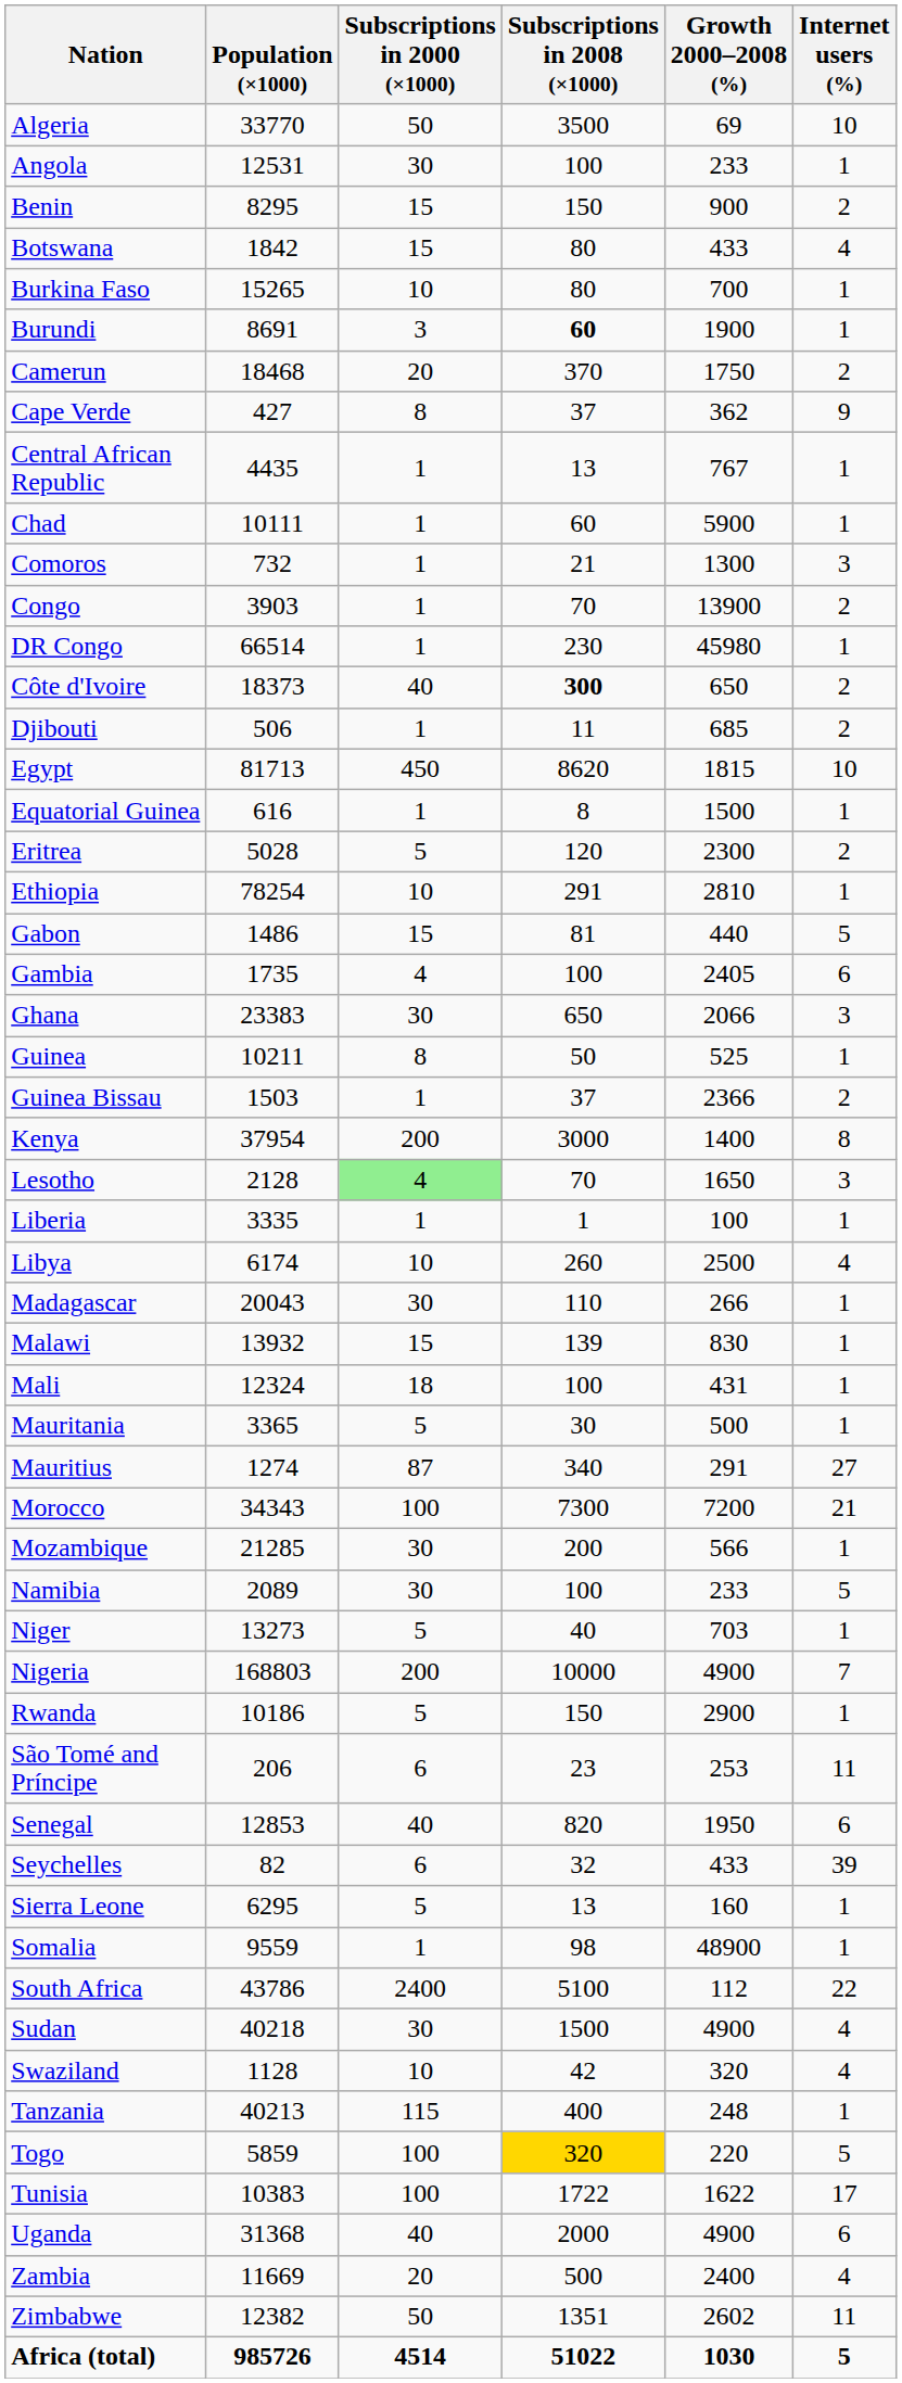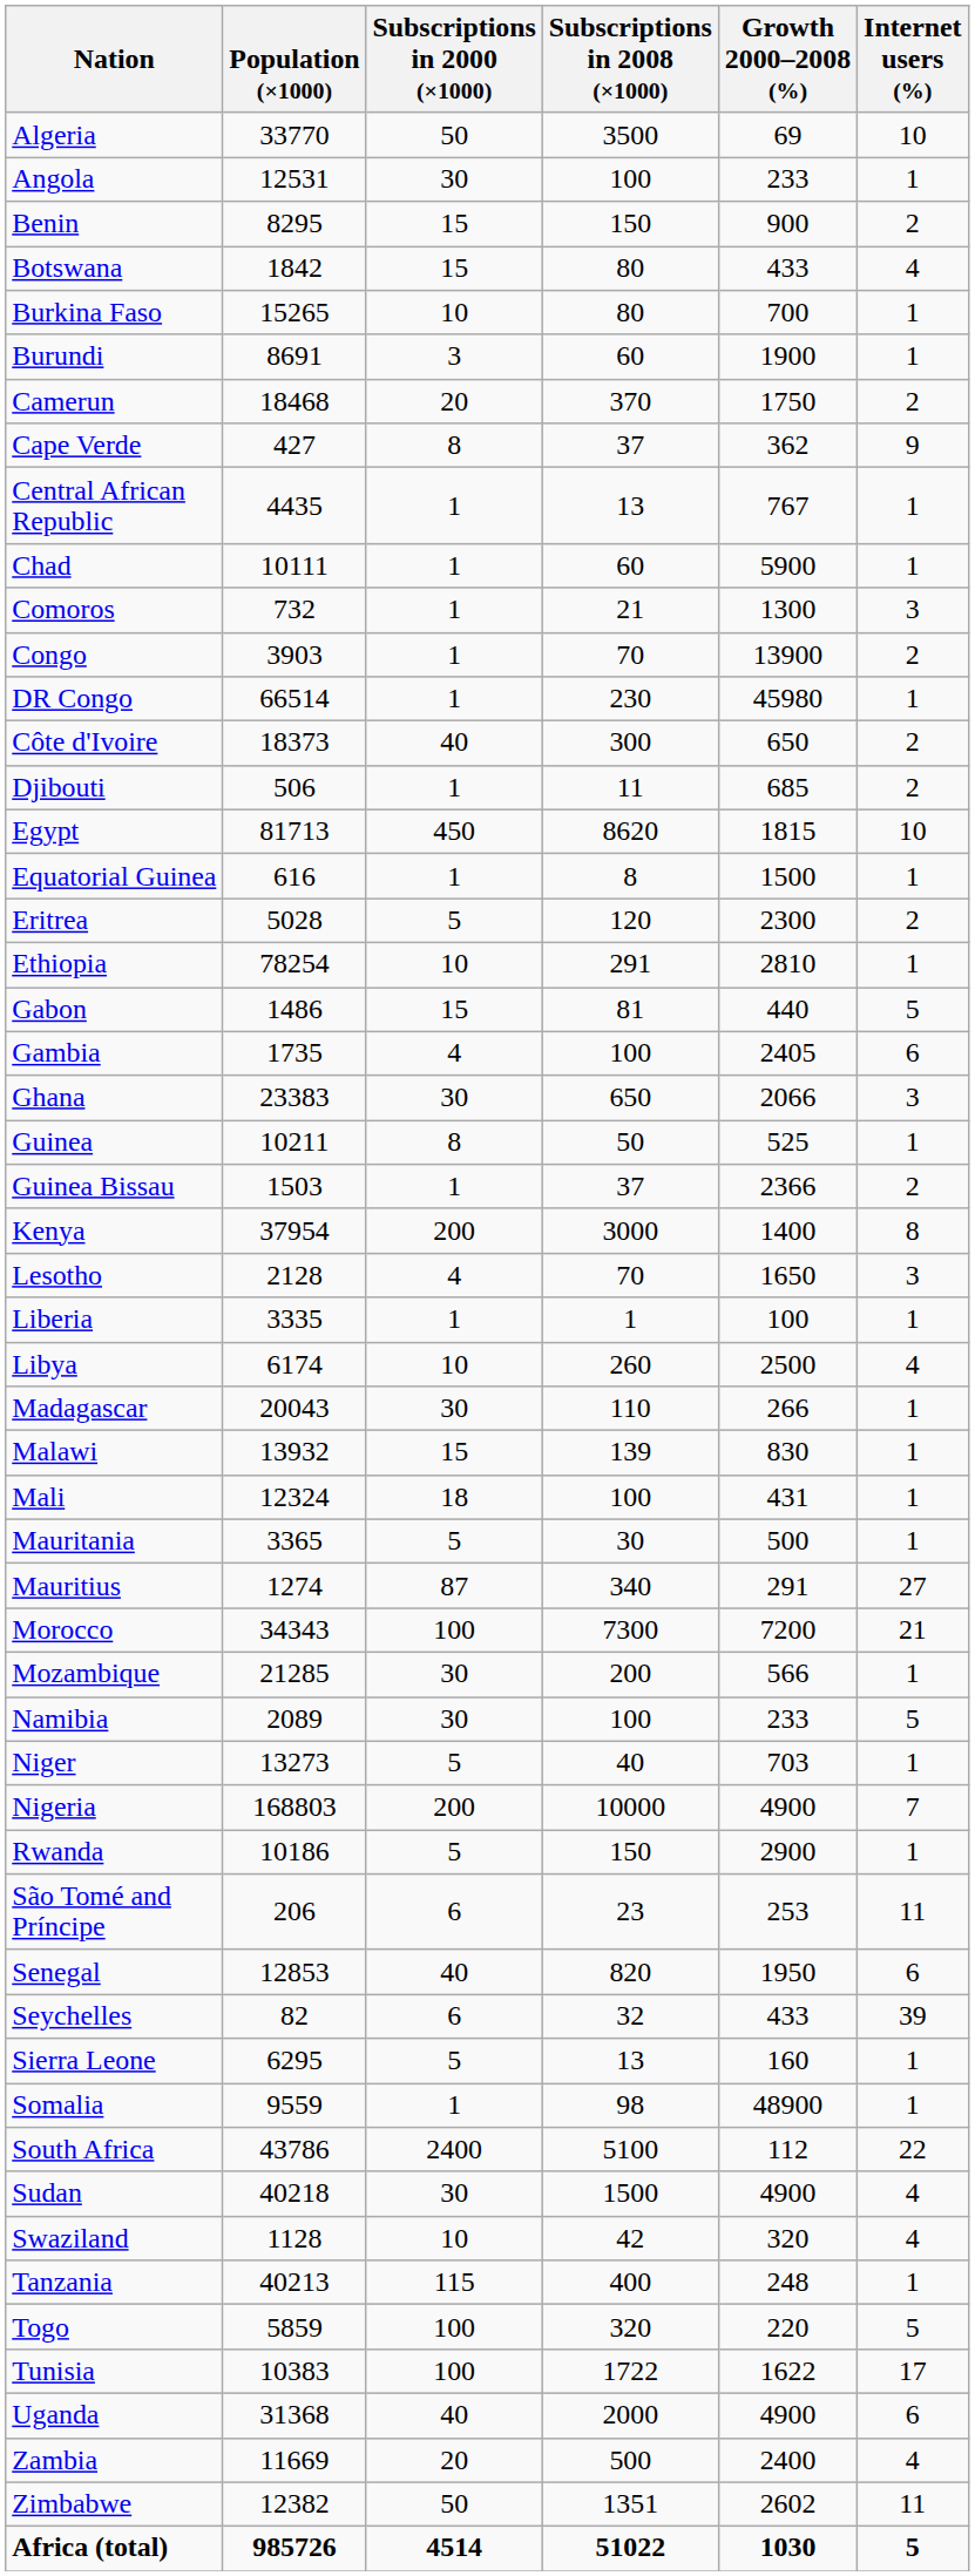 <table class="wikitable sortable" style="text-align:center;">
 <tr>
 <th>Nation</th>
 <th><br>Population<br><small>(×1000)</small></th>
 <th>Subscriptions<br>in 2000<br><small>(×1000)</small></th>
 <th>Subscriptions<br>in 2008<br><small>(×1000)</small></th>
 <th>Growth<br>2000–2008<br><small>(%)</small></th>
 <th>Internet<br>users<br><small>(%)</small></th>
 </tr>
 <tr>
 <td align=left><a href='#'>Algeria</a></td>
 <td>33770</td>
 <td>50</td>
 <td>3500</td>
 <td>69</td>
 <td>10</td>
 </tr>
 <tr>
 <td align=left><a href='#'>Angola</a></td>
 <td>12531</td>
 <td>30</td>
 <td>100</td>
 <td>233</td>
 <td>1</td>
 </tr>
 <tr>
 <td align=left><a href='#'>Benin</a></td>
 <td>8295</td>
 <td>15</td>
 <td>150</td>
 <td>900</td>
 <td>2</td>
 </tr>
 <tr>
 <td align=left><a href='#'>Botswana</a></td>
 <td>1842</td>
 <td>15</td>
 <td>80</td>
 <td>433</td>
 <td>4</td>
 </tr>
 <tr>
 <td align=left><a href='#'>Burkina Faso</a></td>
 <td>15265</td>
 <td>10</td>
 <td>80</td>
 <td>700</td>
 <td>1</td>
 </tr>
 <tr>
 <td align=left><a href='#'>Burundi</a></td>
 <td>8691</td>
 <td>3</td>
-<td><strong>60</strong></td>
+<td>60</td>
 <td>1900</td>
 <td>1</td>
 </tr>
 <tr>
 <td align=left><a href='#'>Camerun</a></td>
 <td>18468</td>
 <td>20</td>
 <td>370</td>
 <td>1750</td>
 <td>2</td>
 </tr>
 <tr>
 <td align=left><a href='#'>Cape Verde</a></td>
 <td>427</td>
 <td>8</td>
 <td>37</td>
 <td>362</td>
 <td>9</td>
 </tr>
 <tr>
 <td align=left><a href='#'>Central African<br>Republic</a></td>
 <td>4435</td>
 <td>1</td>
 <td>13</td>
 <td>767</td>
 <td>1</td>
 </tr>
 <tr>
 <td align=left><a href='#'>Chad</a></td>
 <td>10111</td>
 <td>1</td>
 <td>60</td>
 <td>5900</td>
 <td>1</td>
 </tr>
 <tr>
 <td align=left><a href='#'>Comoros</a></td>
 <td>732</td>
 <td>1</td>
 <td>21</td>
 <td>1300</td>
 <td>3</td>
 </tr>
 <tr>
 <td align=left><a href='#'>Congo</a></td>
 <td>3903</td>
 <td>1</td>
 <td>70</td>
 <td>13900</td>
 <td>2</td>
 </tr>
 <tr>
 <td align=left><a href='#'>DR Congo</a></td>
 <td>66514</td>
 <td>1</td>
 <td>230</td>
 <td>45980</td>
 <td>1</td>
 </tr>
 <tr>
 <td align=left><a href='#'>Côte d'Ivoire</a></td>
 <td>18373</td>
 <td>40</td>
-<td><strong>300</strong></td>
+<td>300</td>
 <td>650</td>
 <td>2</td>
 </tr>
 <tr>
 <td align=left><a href='#'>Djibouti</a></td>
 <td>506</td>
 <td>1</td>
 <td>11</td>
 <td>685</td>
 <td>2</td>
 </tr>
 <tr>
 <td align=left><a href='#'>Egypt</a></td>
 <td>81713</td>
 <td>450</td>
 <td>8620</td>
 <td>1815</td>
 <td>10</td>
 </tr>
 <tr>
 <td align=left><a href='#'>Equatorial Guinea</a></td>
 <td>616</td>
 <td>1</td>
 <td>8</td>
 <td>1500</td>
 <td>1</td>
 </tr>
 <tr>
 <td align=left><a href='#'>Eritrea</a></td>
 <td>5028</td>
 <td>5</td>
 <td>120</td>
 <td>2300</td>
 <td>2</td>
 </tr>
 <tr>
 <td align=left><a href='#'>Ethiopia</a></td>
 <td>78254</td>
 <td>10</td>
 <td>291</td>
 <td>2810</td>
 <td>1</td>
 </tr>
 <tr>
 <td align=left><a href='#'>Gabon</a></td>
 <td>1486</td>
 <td>15</td>
 <td>81</td>
 <td>440</td>
 <td>5</td>
 </tr>
 <tr>
 <td align=left><a href='#'>Gambia</a></td>
 <td>1735</td>
 <td>4</td>
 <td>100</td>
 <td>2405</td>
 <td>6</td>
 </tr>
 <tr>
 <td align=left><a href='#'>Ghana</a></td>
 <td>23383</td>
 <td>30</td>
 <td>650</td>
 <td>2066</td>
 <td>3</td>
 </tr>
 <tr>
 <td align=left><a href='#'>Guinea</a></td>
 <td>10211</td>
 <td>8</td>
 <td>50</td>
 <td>525</td>
 <td>1</td>
 </tr>
 <tr>
 <td align=left><a href='#'>Guinea Bissau</a></td>
 <td>1503</td>
 <td>1</td>
 <td>37</td>
 <td>2366</td>
 <td>2</td>
 </tr>
 <tr>
 <td align=left><a href='#'>Kenya</a></td>
 <td>37954</td>
 <td>200</td>
 <td>3000</td>
 <td>1400</td>
 <td>8</td>
 </tr>
 <tr>
 <td align=left><a href='#'>Lesotho</a></td>
 <td>2128</td>
-<td style="background: lightgreen;">4</td>
+<td>4</td>
 <td>70</td>
 <td>1650</td>
 <td>3</td>
 </tr>
 <tr>
 <td align=left><a href='#'>Liberia</a></td>
 <td>3335</td>
 <td>1</td>
 <td>1</td>
 <td>100</td>
 <td>1</td>
 </tr>
 <tr>
 <td align=left><a href='#'>Libya</a></td>
 <td>6174</td>
 <td>10</td>
 <td>260</td>
 <td>2500</td>
 <td>4</td>
 </tr>
 <tr>
 <td align=left><a href='#'>Madagascar</a></td>
 <td>20043</td>
 <td>30</td>
 <td>110</td>
 <td>266</td>
 <td>1</td>
 </tr>
 <tr>
 <td align=left><a href='#'>Malawi</a></td>
 <td>13932</td>
 <td>15</td>
 <td>139</td>
 <td>830</td>
 <td>1</td>
 </tr>
 <tr>
 <td align=left><a href='#'>Mali</a></td>
 <td>12324</td>
 <td>18</td>
 <td>100</td>
 <td>431</td>
 <td>1</td>
 </tr>
 <tr>
 <td align=left><a href='#'>Mauritania</a></td>
 <td>3365</td>
 <td>5</td>
 <td>30</td>
 <td>500</td>
 <td>1</td>
 </tr>
 <tr>
 <td align=left><a href='#'>Mauritius</a></td>
 <td>1274</td>
 <td>87</td>
 <td>340</td>
 <td>291</td>
 <td>27</td>
 </tr>
 <tr>
 <td align=left><a href='#'>Morocco</a></td>
 <td>34343</td>
 <td>100</td>
 <td>7300</td>
 <td>7200</td>
 <td>21</td>
 </tr>
 <tr>
 <td align=left><a href='#'>Mozambique</a></td>
 <td>21285</td>
 <td>30</td>
 <td>200</td>
 <td>566</td>
 <td>1</td>
 </tr>
 <tr>
 <td align=left><a href='#'>Namibia</a></td>
 <td>2089</td>
 <td>30</td>
 <td>100</td>
 <td>233</td>
 <td>5</td>
 </tr>
 <tr>
 <td align=left><a href='#'>Niger</a></td>
 <td>13273</td>
 <td>5</td>
 <td>40</td>
 <td>703</td>
 <td>1</td>
 </tr>
 <tr>
 <td align=left><a href='#'>Nigeria</a></td>
 <td>168803</td>
 <td>200</td>
 <td>10000</td>
 <td>4900</td>
 <td>7</td>
 </tr>
 <tr>
 <td align=left><a href='#'>Rwanda</a></td>
 <td>10186</td>
 <td>5</td>
 <td>150</td>
 <td>2900</td>
 <td>1</td>
 </tr>
 <tr>
 <td align=left><a href='#'>São Tomé and<br>Príncipe</a></td>
 <td>206</td>
 <td>6</td>
 <td>23</td>
 <td>253</td>
 <td>11</td>
 </tr>
 <tr>
 <td align=left><a href='#'>Senegal</a></td>
 <td>12853</td>
 <td>40</td>
 <td>820</td>
 <td>1950</td>
 <td>6</td>
 </tr>
 <tr>
 <td align=left><a href='#'>Seychelles</a></td>
 <td>82</td>
 <td>6</td>
 <td>32</td>
 <td>433</td>
 <td>39</td>
 </tr>
 <tr>
 <td align=left><a href='#'>Sierra Leone</a></td>
 <td>6295</td>
 <td>5</td>
 <td>13</td>
 <td>160</td>
 <td>1</td>
 </tr>
 <tr>
 <td align=left><a href='#'>Somalia</a></td>
 <td>9559</td>
 <td>1</td>
 <td>98</td>
 <td>48900</td>
 <td>1</td>
 </tr>
 <tr>
 <td align=left><a href='#'>South Africa</a></td>
 <td>43786</td>
 <td>2400</td>
 <td>5100</td>
 <td>112</td>
 <td>22</td>
 </tr>
 <tr>
 <td align=left><a href='#'>Sudan</a></td>
 <td>40218</td>
 <td>30</td>
 <td>1500</td>
 <td>4900</td>
 <td>4</td>
 </tr>
 <tr>
 <td align=left><a href='#'>Swaziland</a></td>
 <td>1128</td>
 <td>10</td>
 <td>42</td>
 <td>320</td>
 <td>4</td>
 </tr>
 <tr>
 <td align=left><a href='#'>Tanzania</a></td>
 <td>40213</td>
 <td>115</td>
 <td>400</td>
 <td>248</td>
 <td>1</td>
 </tr>
 <tr>
 <td align=left><a href='#'>Togo</a></td>
 <td>5859</td>
 <td>100</td>
-<td style="background: gold;">320</td>
+<td>320</td>
 <td>220</td>
 <td>5</td>
 </tr>
 <tr>
 <td align=left><a href='#'>Tunisia</a></td>
 <td>10383</td>
 <td>100</td>
 <td>1722</td>
 <td>1622</td>
 <td>17</td>
 </tr>
 <tr>
 <td align=left><a href='#'>Uganda</a></td>
 <td>31368</td>
 <td>40</td>
 <td>2000</td>
 <td>4900</td>
 <td>6</td>
 </tr>
 <tr>
 <td align=left><a href='#'>Zambia</a></td>
 <td>11669</td>
 <td>20</td>
 <td>500</td>
 <td>2400</td>
 <td>4</td>
 </tr>
 <tr>
 <td align=left><a href='#'>Zimbabwe</a></td>
 <td>12382</td>
 <td>50</td>
 <td>1351</td>
 <td>2602</td>
 <td>11</td>
 </tr>
 <tr>
 <td align=left><strong>Africa (total)</strong></td>
 <td><strong>985726</strong></td>
 <td><strong>4514</strong></td>
 <td><strong>51022</strong></td>
 <td><strong>1030</strong></td>
 <td><strong>5</strong></td>
 </tr>
 </table>
